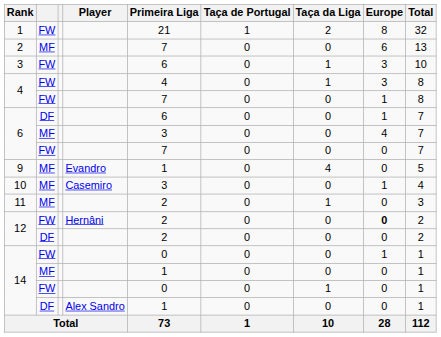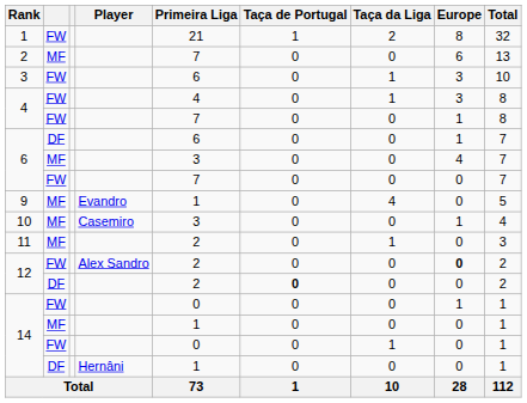 <table class="wikitable sortable" style="text-align:center;">
 <tr>
 <th>Rank</th>
 <th></th>
 <th></th>
 <th>Player</th>
 <th>Primeira Liga</th>
 <th>Taça de Portugal</th>
 <th>Taça da Liga</th>
 <th>Europe</th>
 <th>Total</th>
 </tr>
 <tr>
 <td>1</td>
 <td><a href='#'>FW</a></td>
 <td></td>
 <td align=left></td>
 <td>21</td>
 <td>1</td>
 <td>2</td>
 <td>8</td>
 <td>32</td>
 </tr>
 <tr>
 <td>2</td>
 <td><a href='#'>MF</a></td>
 <td></td>
 <td align=left></td>
 <td>7</td>
 <td>0</td>
 <td>0</td>
 <td>6</td>
 <td>13</td>
 </tr>
 <tr>
 <td>3</td>
 <td><a href='#'>FW</a></td>
 <td></td>
 <td align=left></td>
 <td>6</td>
 <td>0</td>
 <td>1</td>
 <td>3</td>
 <td>10</td>
 </tr>
 <tr>
 <td rowspan=2>4</td>
 <td><a href='#'>FW</a></td>
 <td></td>
 <td align=left></td>
 <td>4</td>
 <td>0</td>
 <td>1</td>
 <td>3</td>
 <td>8</td>
 </tr>
 <tr>
 <td><a href='#'>FW</a></td>
 <td></td>
 <td align=left></td>
 <td>7</td>
 <td>0</td>
 <td>0</td>
 <td>1</td>
 <td>8</td>
 </tr>
 <tr>
 <td rowspan=3>6</td>
 <td><a href='#'>DF</a></td>
 <td></td>
 <td align=left></td>
 <td>6</td>
 <td>0</td>
 <td>0</td>
 <td>1</td>
 <td>7</td>
 </tr>
 <tr>
 <td><a href='#'>MF</a></td>
 <td></td>
 <td align=left></td>
 <td>3</td>
 <td>0</td>
 <td>0</td>
 <td>4</td>
 <td>7</td>
 </tr>
 <tr>
 <td><a href='#'>FW</a></td>
 <td></td>
 <td align=left></td>
 <td>7</td>
 <td>0</td>
 <td>0</td>
 <td>0</td>
 <td>7</td>
 </tr>
 <tr>
 <td>9</td>
 <td><a href='#'>MF</a></td>
 <td></td>
 <td align=left><a href='#'>Evandro</a></td>
 <td>1</td>
 <td>0</td>
 <td>4</td>
 <td>0</td>
 <td>5</td>
 </tr>
 <tr>
 <td>10</td>
 <td><a href='#'>MF</a></td>
 <td></td>
 <td align=left><a href='#'>Casemiro</a></td>
 <td>3</td>
 <td>0</td>
 <td>0</td>
 <td>1</td>
 <td>4</td>
 </tr>
 <tr>
 <td>11</td>
 <td><a href='#'>MF</a></td>
 <td></td>
 <td align=left></td>
 <td>2</td>
 <td>0</td>
 <td>1</td>
 <td>0</td>
 <td>3</td>
 </tr>
 <tr>
 <td rowspan=2>12</td>
 <td><a href='#'>FW</a></td>
 <td></td>
-<td align=left><a href='#'>Hernâni</a></td>
+<td align=left><a href='#'>Alex Sandro</a></td>
 <td>2</td>
 <td>0</td>
 <td>0</td>
 <td><strong>0</strong></td>
 <td>2</td>
 </tr>
 <tr>
 <td><a href='#'>DF</a></td>
 <td></td>
 <td align=left></td>
 <td>2</td>
-<td>0</td>
+<td><strong>0</strong></td>
 <td>0</td>
 <td>0</td>
 <td>2</td>
 </tr>
 <tr>
 <td rowspan=4>14</td>
 <td><a href='#'>FW</a></td>
 <td></td>
 <td align=left></td>
 <td>0</td>
 <td>0</td>
 <td>0</td>
 <td>1</td>
 <td>1</td>
 </tr>
 <tr>
 <td><a href='#'>MF</a></td>
 <td></td>
 <td align=left></td>
 <td>1</td>
 <td>0</td>
 <td>0</td>
 <td>0</td>
 <td>1</td>
 </tr>
 <tr>
 <td><a href='#'>FW</a></td>
 <td></td>
 <td align=left></td>
 <td>0</td>
 <td>0</td>
 <td>1</td>
 <td>0</td>
 <td>1</td>
 </tr>
 <tr>
 <td><a href='#'>DF</a></td>
 <td></td>
-<td align=left><a href='#'>Alex Sandro</a></td>
+<td align=left><a href='#'>Hernâni</a></td>
 <td>1</td>
 <td>0</td>
 <td>0</td>
 <td>0</td>
 <td>1</td>
 </tr>
 <tr>
 <th class="unsortable" colspan=4>Total</th>
 <th>73</th>
 <th>1</th>
 <th>10</th>
 <th>28</th>
 <th>112</th>
 </tr>
 </table>
